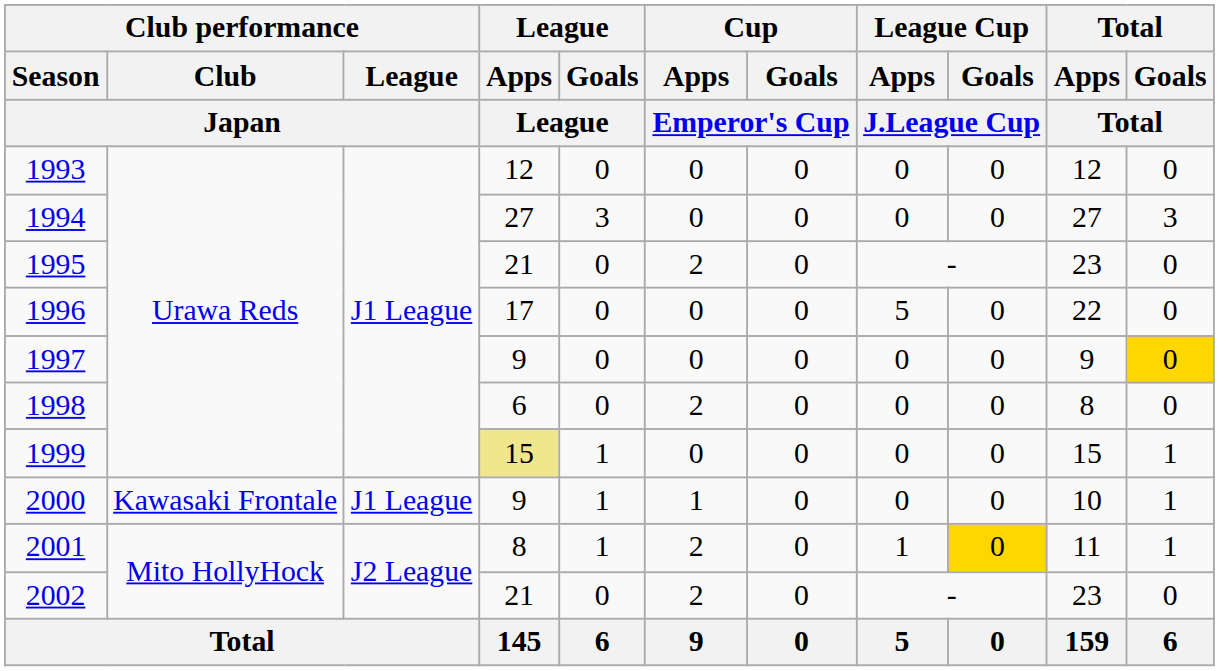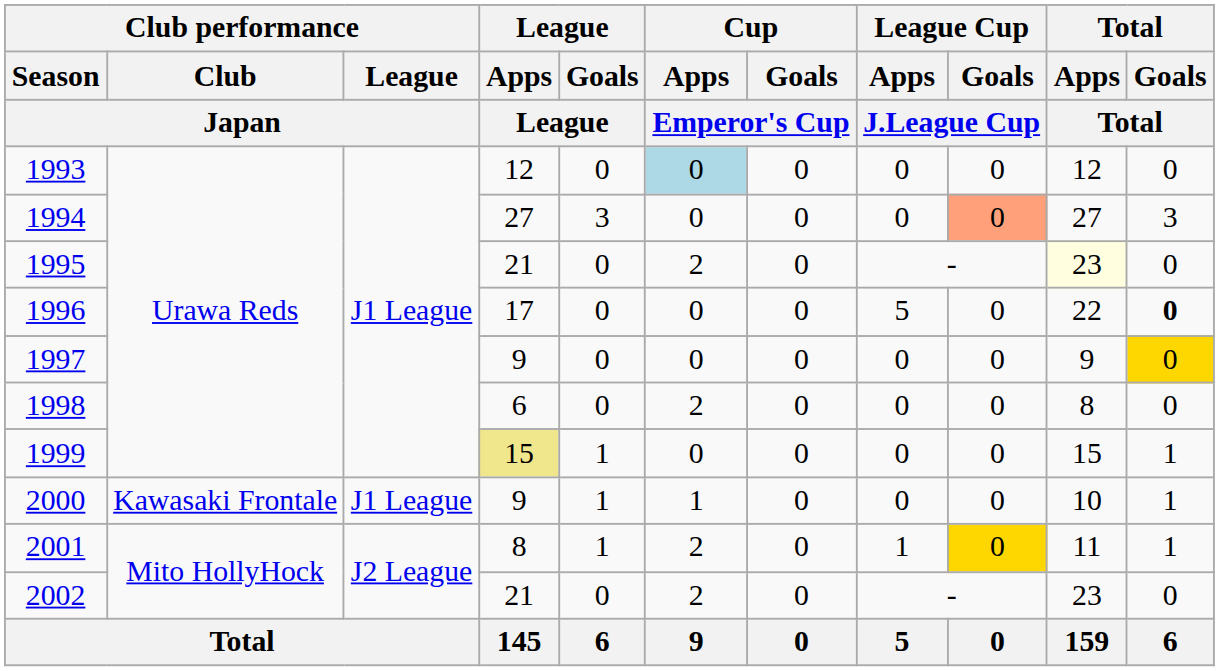 <table class="wikitable" style="text-align:center;">
 <tr>
 <th colspan=3>Club performance</th>
 <th colspan=2>League</th>
 <th colspan=2>Cup</th>
 <th colspan=2>League Cup</th>
 <th colspan=2>Total</th>
 </tr>
 <tr>
 <th>Season</th>
 <th>Club</th>
 <th>League</th>
 <th>Apps</th>
 <th>Goals</th>
 <th>Apps</th>
 <th>Goals</th>
 <th>Apps</th>
 <th>Goals</th>
 <th>Apps</th>
 <th>Goals</th>
 </tr>
 <tr>
 <th colspan=3>Japan</th>
 <th colspan=2>League</th>
 <th colspan=2><a href='#'>Emperor's Cup</a></th>
 <th colspan=2><a href='#'>J.League Cup</a></th>
 <th colspan=2>Total</th>
 </tr>
 <tr>
 <td><a href='#'>1993</a></td>
 <td rowspan="7"><a href='#'>Urawa Reds</a></td>
 <td rowspan="7"><a href='#'>J1 League</a></td>
 <td>12</td>
 <td>0</td>
-<td>0</td>
+<td style="background: lightblue;">0</td>
 <td>0</td>
 <td>0</td>
 <td>0</td>
 <td>12</td>
 <td>0</td>
 </tr>
 <tr>
 <td><a href='#'>1994</a></td>
 <td>27</td>
 <td>3</td>
 <td>0</td>
 <td>0</td>
 <td>0</td>
-<td>0</td>
+<td style="background: lightsalmon;">0</td>
 <td>27</td>
 <td>3</td>
 </tr>
 <tr>
 <td><a href='#'>1995</a></td>
 <td>21</td>
 <td>0</td>
 <td>2</td>
 <td>0</td>
 <td colspan="2">-</td>
-<td>23</td>
+<td style="background: lightyellow;">23</td>
 <td>0</td>
 </tr>
 <tr>
 <td><a href='#'>1996</a></td>
 <td>17</td>
 <td>0</td>
 <td>0</td>
 <td>0</td>
 <td>5</td>
 <td>0</td>
 <td>22</td>
-<td>0</td>
+<td><strong>0</strong></td>
 </tr>
 <tr>
 <td><a href='#'>1997</a></td>
 <td>9</td>
 <td>0</td>
 <td>0</td>
 <td>0</td>
 <td>0</td>
 <td>0</td>
 <td>9</td>
 <td style="background: gold;">0</td>
 </tr>
 <tr>
 <td><a href='#'>1998</a></td>
 <td>6</td>
 <td>0</td>
 <td>2</td>
 <td>0</td>
 <td>0</td>
 <td>0</td>
 <td>8</td>
 <td>0</td>
 </tr>
 <tr>
 <td><a href='#'>1999</a></td>
 <td style="background: khaki;">15</td>
 <td>1</td>
 <td>0</td>
 <td>0</td>
 <td>0</td>
 <td>0</td>
 <td>15</td>
 <td>1</td>
 </tr>
 <tr>
 <td><a href='#'>2000</a></td>
 <td><a href='#'>Kawasaki Frontale</a></td>
 <td><a href='#'>J1 League</a></td>
 <td>9</td>
 <td>1</td>
 <td>1</td>
 <td>0</td>
 <td>0</td>
 <td>0</td>
 <td>10</td>
 <td>1</td>
 </tr>
 <tr>
 <td><a href='#'>2001</a></td>
 <td rowspan="2"><a href='#'>Mito HollyHock</a></td>
 <td rowspan="2"><a href='#'>J2 League</a></td>
 <td>8</td>
 <td>1</td>
 <td>2</td>
 <td>0</td>
 <td>1</td>
 <td style="background: gold;">0</td>
 <td>11</td>
 <td>1</td>
 </tr>
 <tr>
 <td><a href='#'>2002</a></td>
 <td>21</td>
 <td>0</td>
 <td>2</td>
 <td>0</td>
 <td colspan="2">-</td>
 <td>23</td>
 <td>0</td>
 </tr>
 <tr>
 <th colspan=3>Total</th>
 <th>145</th>
 <th>6</th>
 <th>9</th>
 <th>0</th>
 <th>5</th>
 <th>0</th>
 <th>159</th>
 <th>6</th>
 </tr>
 </table>
